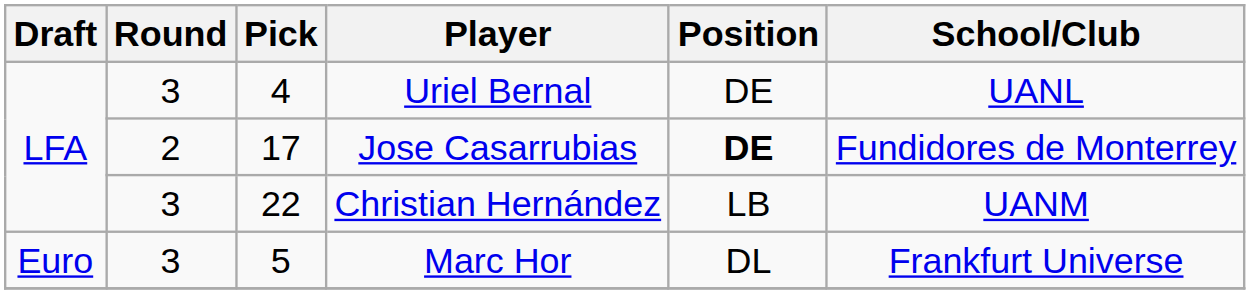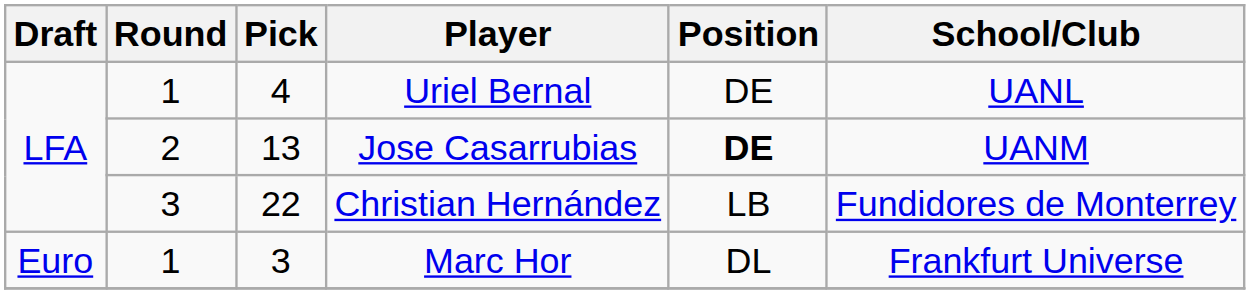 <table class="wikitable" style="font-size: 95%;">
 <tr>
 <th scope="col">Draft</th>
 <th scope="col">Round</th>
 <th scope="col">Pick</th>
 <th scope="col">Player</th>
 <th scope="col">Position</th>
 <th scope="col">School/Club</th>
 </tr>
 <tr align="center">
 <td align=center rowspan="3"><a href='#'>LFA</a></td>
-<td>3</td>
+<td>1</td>
 <td>4</td>
 <td><a href='#'>Uriel Bernal</a></td>
 <td>DE</td>
 <td><a href='#'>UANL</a></td>
 </tr>
 <tr align="center">
 <td>2</td>
-<td>17</td>
+<td>13</td>
 <td><a href='#'>Jose Casarrubias</a></td>
 <td><strong>DE</strong></td>
-<td><a href='#'>Fundidores de Monterrey</a></td>
+<td><a href='#'>UANM</a></td>
 </tr>
 <tr align="center">
 <td>3</td>
 <td>22</td>
 <td><a href='#'>Christian Hernández</a></td>
 <td>LB</td>
-<td><a href='#'>UANM</a></td>
+<td><a href='#'>Fundidores de Monterrey</a></td>
 </tr>
 <tr align="center">
 <td align=center><a href='#'>Euro</a></td>
+<td>1</td>
 <td>3</td>
-<td>5</td>
 <td><a href='#'>Marc Hor</a></td>
 <td>DL</td>
 <td><a href='#'>Frankfurt Universe</a></td>
 </tr>
 <tr>
 </tr>
 </table>
